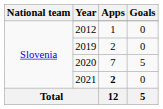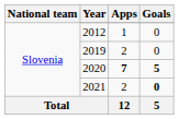 <table class=wikitable style=text-align:center>
 <tr>
 <th>National team</th>
 <th>Year</th>
 <th>Apps</th>
 <th>Goals</th>
 </tr>
 <tr>
 <td rowspan=5><a href='#'>Slovenia</a></td>
 </tr>
 <tr>
 <td>2012</td>
 <td>1</td>
 <td>0</td>
 </tr>
 <tr>
 <td>2019</td>
 <td>2</td>
 <td>0</td>
 </tr>
 <tr>
 <td>2020</td>
-<td>7</td>
-<td>5</td>
+<td><strong>7</strong></td>
+<td><strong>5</strong></td>
 </tr>
 <tr>
 <td>2021</td>
-<td><strong>2</strong></td>
-<td>0</td>
+<td>2</td>
+<td><strong>0</strong></td>
 </tr>
 <tr>
 <th colspan=2>Total</th>
 <th>12</th>
 <th>5</th>
 </tr>
 </table>
